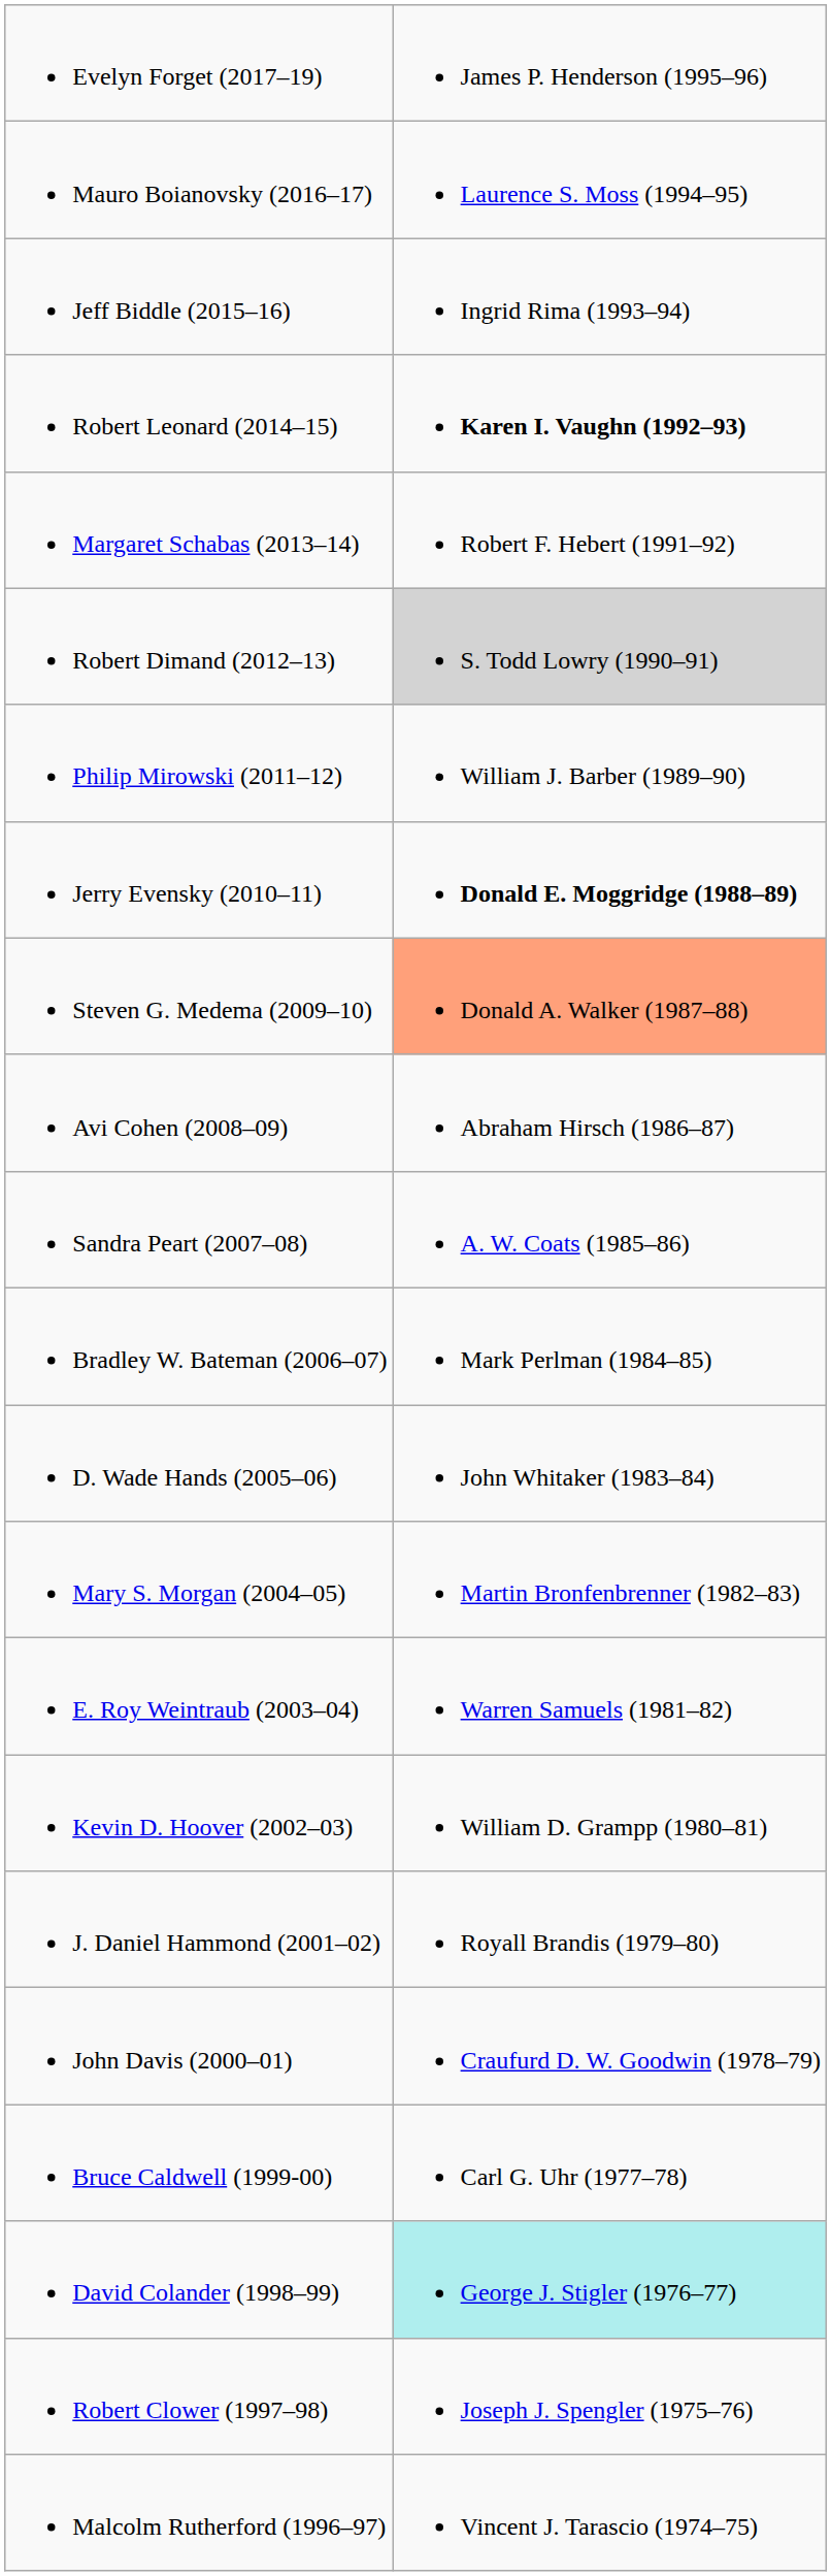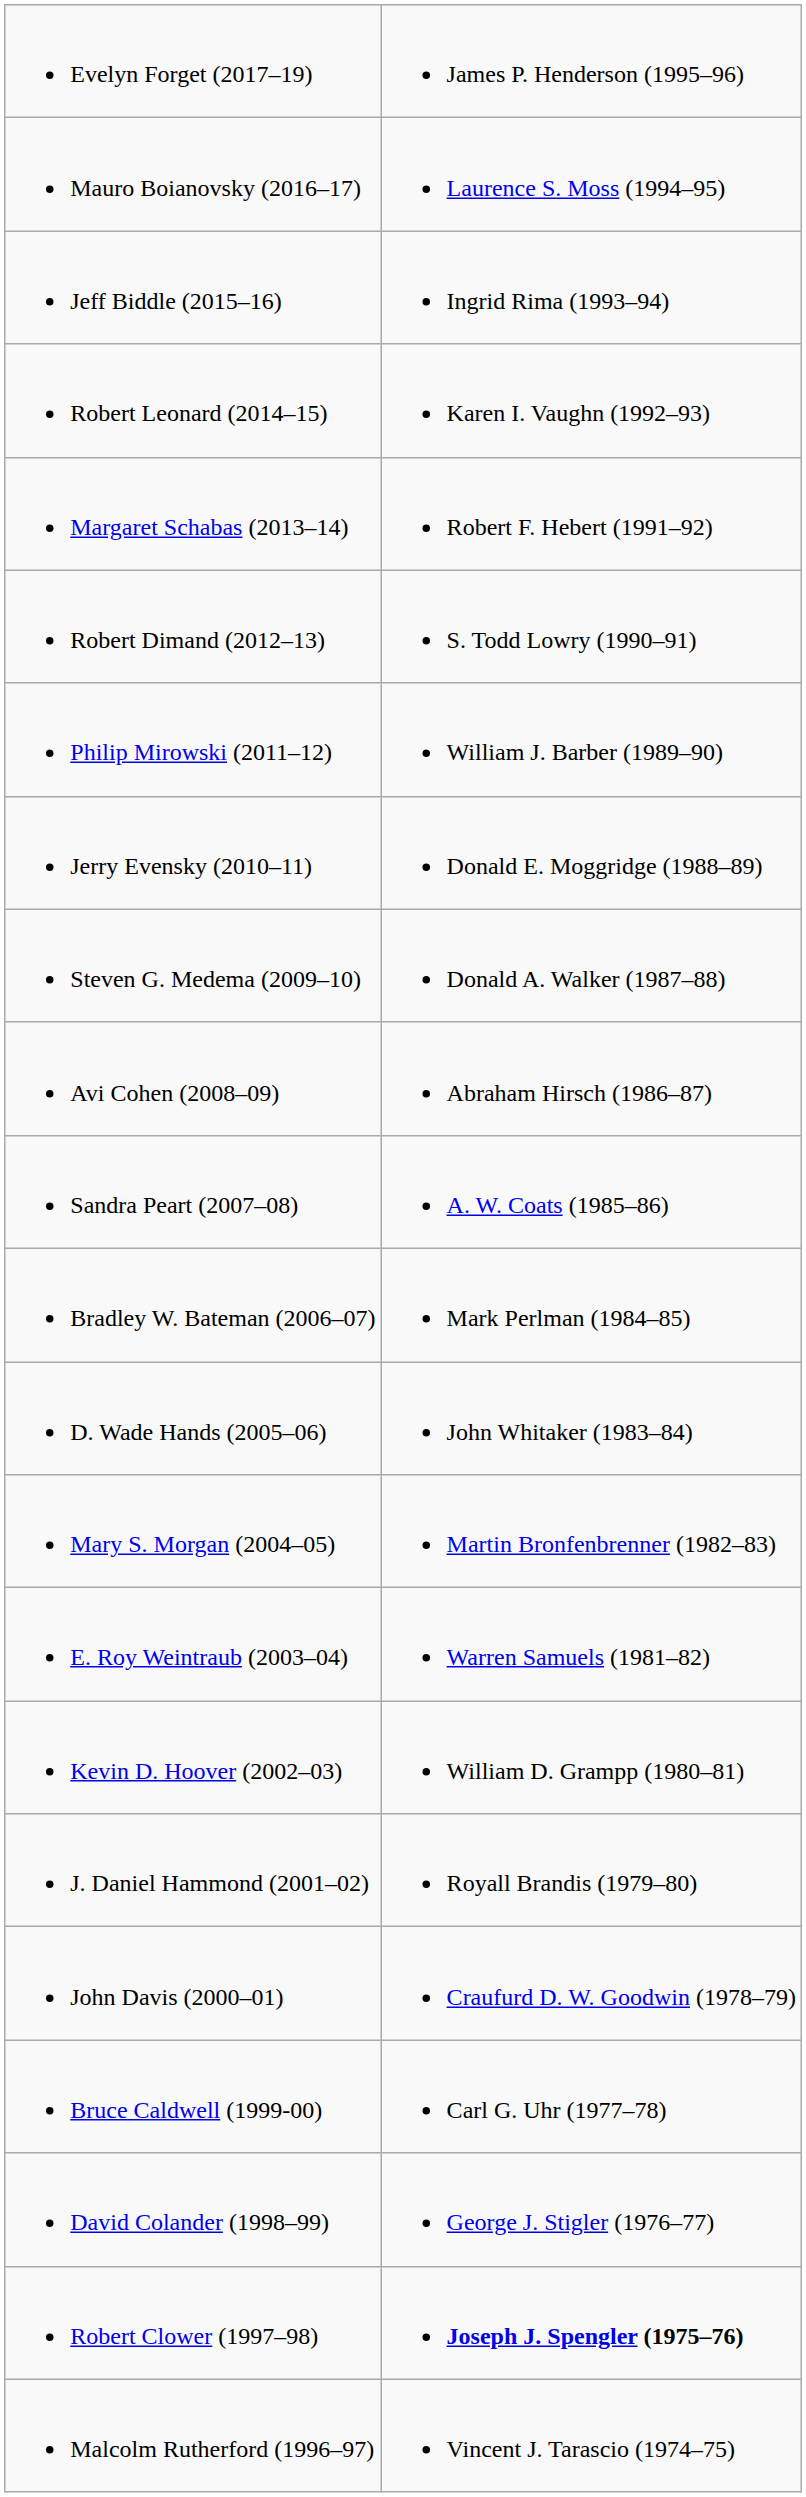 <table class="wikitable">
 <tr>
 <td><br><ul><li>Evelyn Forget (2017–19)</li></ul></td>
 <td><br><ul><li>James P. Henderson (1995–96)</li></ul></td>
 </tr>
 <tr>
 <td><br><ul><li>Mauro Boianovsky (2016–17)</li></ul></td>
 <td><br><ul><li><a href='#'>Laurence S. Moss</a> (1994–95)</li></ul></td>
 </tr>
 <tr>
 <td><br><ul><li>Jeff Biddle (2015–16)</li></ul></td>
 <td><br><ul><li>Ingrid Rima (1993–94)</li></ul></td>
 </tr>
 <tr>
 <td><br><ul><li>Robert Leonard (2014–15)</li></ul></td>
-<td><strong><br><ul><li>Karen I. Vaughn (1992–93)</li></ul></strong></td>
+<td><br><ul><li>Karen I. Vaughn (1992–93)</li></ul></td>
 </tr>
 <tr>
 <td><br><ul><li><a href='#'>Margaret Schabas</a> (2013–14)</li></ul></td>
 <td><br><ul><li>Robert F. Hebert (1991–92)</li></ul></td>
 </tr>
 <tr>
 <td><br><ul><li>Robert Dimand (2012–13)</li></ul></td>
-<td style="background: lightgrey;"><br><ul><li>S. Todd Lowry (1990–91)</li></ul></td>
+<td><br><ul><li>S. Todd Lowry (1990–91)</li></ul></td>
 </tr>
 <tr>
 <td><br><ul><li><a href='#'>Philip Mirowski</a> (2011–12)</li></ul></td>
 <td><br><ul><li>William J. Barber (1989–90)</li></ul></td>
 </tr>
 <tr>
 <td><br><ul><li>Jerry Evensky (2010–11)</li></ul></td>
-<td><strong><br><ul><li>Donald E. Moggridge (1988–89)</li></ul></strong></td>
+<td><br><ul><li>Donald E. Moggridge (1988–89)</li></ul></td>
 </tr>
 <tr>
 <td><br><ul><li>Steven G. Medema (2009–10)</li></ul></td>
-<td style="background: lightsalmon;"><br><ul><li>Donald A. Walker (1987–88)</li></ul></td>
+<td><br><ul><li>Donald A. Walker (1987–88)</li></ul></td>
 </tr>
 <tr>
 <td><br><ul><li>Avi Cohen (2008–09)</li></ul></td>
 <td><br><ul><li>Abraham Hirsch (1986–87)</li></ul></td>
 </tr>
 <tr>
 <td><br><ul><li>Sandra Peart (2007–08)</li></ul></td>
 <td><br><ul><li><a href='#'>A. W. Coats</a> (1985–86)</li></ul></td>
 </tr>
 <tr>
 <td><br><ul><li>Bradley W. Bateman (2006–07)</li></ul></td>
 <td><br><ul><li>Mark Perlman (1984–85)</li></ul></td>
 </tr>
 <tr>
 <td><br><ul><li>D. Wade Hands (2005–06)</li></ul></td>
 <td><br><ul><li>John Whitaker (1983–84)</li></ul></td>
 </tr>
 <tr>
 <td><br><ul><li><a href='#'>Mary S. Morgan</a> (2004–05)</li></ul></td>
 <td><br><ul><li><a href='#'>Martin Bronfenbrenner</a> (1982–83)</li></ul></td>
 </tr>
 <tr>
 <td><br><ul><li><a href='#'>E. Roy Weintraub</a> (2003–04)</li></ul></td>
 <td><br><ul><li><a href='#'>Warren Samuels</a> (1981–82)</li></ul></td>
 </tr>
 <tr>
 <td><br><ul><li><a href='#'>Kevin D. Hoover</a> (2002–03)</li></ul></td>
 <td><br><ul><li>William D. Grampp (1980–81)</li></ul></td>
 </tr>
 <tr>
 <td><br><ul><li>J. Daniel Hammond (2001–02)</li></ul></td>
 <td><br><ul><li>Royall Brandis (1979–80)</li></ul></td>
 </tr>
 <tr>
 <td><br><ul><li>John Davis (2000–01)</li></ul></td>
 <td><br><ul><li><a href='#'>Craufurd D. W. Goodwin</a> (1978–79)</li></ul></td>
 </tr>
 <tr>
 <td><br><ul><li><a href='#'>Bruce Caldwell</a> (1999-00)</li></ul></td>
 <td><br><ul><li>Carl G. Uhr (1977–78)</li></ul></td>
 </tr>
 <tr>
 <td><br><ul><li><a href='#'>David Colander</a> (1998–99)</li></ul></td>
-<td style="background: paleturquoise;"><br><ul><li><a href='#'>George J. Stigler</a> (1976–77)</li></ul></td>
+<td><br><ul><li><a href='#'>George J. Stigler</a> (1976–77)</li></ul></td>
 </tr>
 <tr>
 <td><br><ul><li><a href='#'>Robert Clower</a> (1997–98)</li></ul></td>
-<td><br><ul><li><a href='#'>Joseph J. Spengler</a> (1975–76)</li></ul></td>
+<td><strong><br><ul><li><a href='#'>Joseph J. Spengler</a> (1975–76)</li></ul></strong></td>
 </tr>
 <tr>
 <td><br><ul><li>Malcolm Rutherford (1996–97)</li></ul></td>
 <td><br><ul><li>Vincent J. Tarascio (1974–75)</li></ul></td>
 </tr>
 </table>
